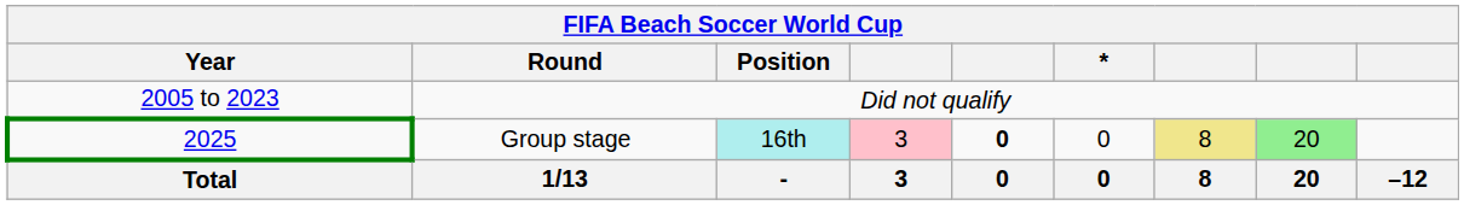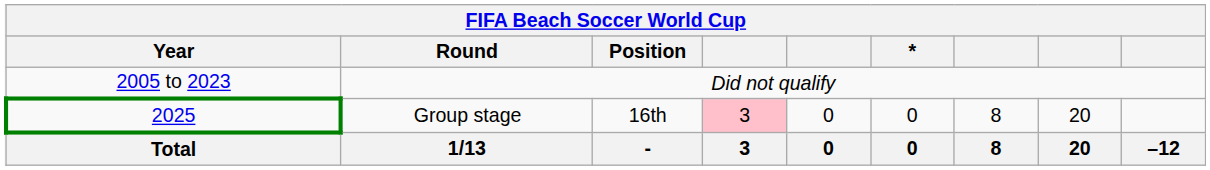 <table class="wikitable" class="wikitable" style="font-size:90%; text-align:center; width:100%">
 <tr>
 <th colspan=9><a href='#'>FIFA Beach Soccer World Cup</a></th>
 </tr>
 <tr>
 <th width="20%">Year</th>
 <th width="15%">Round</th>
 <th width="5%">Position</th>
 <th width="5%"></th>
 <th width="5%"></th>
 <th width="5%">*</th>
 <th width="5%"></th>
 <th width="5%"></th>
 <th width="5%"></th>
 </tr>
 <tr>
 <td> <a href='#'>2005</a> to  <a href='#'>2023</a></td>
 <td colspan="8"><em>Did not qualify</em></td>
 </tr>
 <tr>
 <td style="border: 3px solid green"> <a href='#'>2025</a></td>
 <td>Group stage</td>
-<td style="background: paleturquoise;">16th</td>
+<td>16th</td>
 <td style="background: pink;">3</td>
-<td><strong>0</strong></td>
 <td>0</td>
-<td style="background: khaki;">8</td>
-<td style="background: lightgreen;">20</td>
+<td>0</td>
+<td>8</td>
+<td>20</td>
 <td></td>
 </tr>
 <tr>
 <th><strong>Total</strong></th>
 <th>1/13</th>
 <th>-</th>
 <th>3</th>
 <th>0</th>
 <th>0</th>
 <th>8</th>
 <th>20</th>
 <th>–12</th>
 </tr>
 </table>
